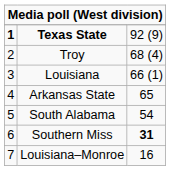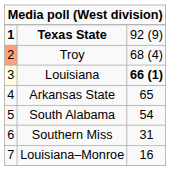 <table class="wikitable" style="display: inline-table;">
 <tr>
 <td align="center" Colspan="3"><strong>Media poll (West division)</strong></td>
 </tr>
 <tr align="center">
 </tr>
 <tr align="center">
 <td><strong>1</strong></td>
 <td><strong>Texas State</strong></td>
 <td>92 (9)</td>
 </tr>
 <tr align="center">
-<td>2</td>
+<td style="background: lightsalmon;">2</td>
 <td>Troy</td>
 <td>68 (4)</td>
 </tr>
 <tr align="center">
-<td>3</td>
+<td style="background: lightyellow;">3</td>
 <td>Louisiana</td>
-<td>66 (1)</td>
+<td><strong>66 (1)</strong></td>
 </tr>
 <tr align="center">
 <td>4</td>
 <td>Arkansas State</td>
 <td>65</td>
 </tr>
 <tr align="center">
 <td>5</td>
 <td>South Alabama</td>
 <td>54</td>
 </tr>
 <tr align="center">
 <td>6</td>
 <td>Southern Miss</td>
-<td><strong>31</strong></td>
+<td>31</td>
 </tr>
 <tr align="center">
 <td>7</td>
 <td>Louisiana–Monroe</td>
 <td>16</td>
 </tr>
 </table>
